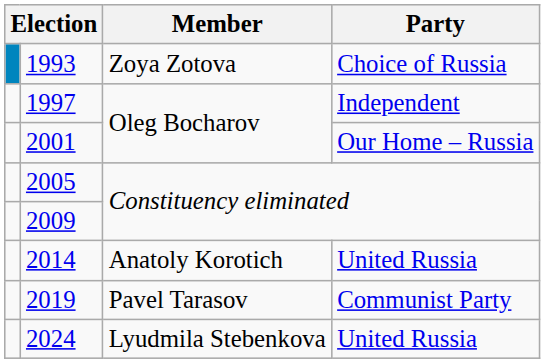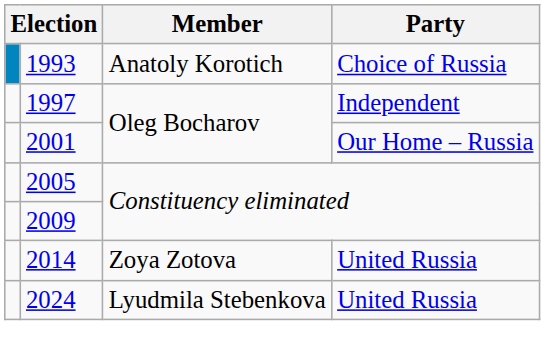 <table class="wikitable">
 <tr>
 <th colspan="2">Election</th>
 <th>Member</th>
 <th>Party</th>
 </tr>
 <tr>
 <td style="background-color:#0085BE"></td>
 <td><a href='#'>1993</a></td>
-<td>Zoya Zotova</td>
+<td>Anatoly Korotich</td>
 <td><a href='#'>Choice of Russia</a></td>
 </tr>
 <tr>
 <td style="background-color:"></td>
 <td><a href='#'>1997</a></td>
 <td rowspan=2>Oleg Bocharov</td>
 <td><a href='#'>Independent</a></td>
 </tr>
 <tr>
 <td style="background-color:"></td>
 <td><a href='#'>2001</a></td>
 <td><a href='#'>Our Home – Russia</a></td>
 </tr>
 <tr>
 <td style="background-color:"></td>
 <td><a href='#'>2005</a></td>
 <td colspan=2 rowspan=2><em>Constituency eliminated</em></td>
 </tr>
 <tr>
 <td style="background-color:"></td>
 <td><a href='#'>2009</a></td>
 </tr>
 <tr>
 <td style="background-color:"></td>
 <td><a href='#'>2014</a></td>
-<td>Anatoly Korotich</td>
+<td>Zoya Zotova</td>
 <td><a href='#'>United Russia</a></td>
-</tr>
-<tr>
-<td style="background-color:"></td>
-<td><a href='#'>2019</a></td>
-<td>Pavel Tarasov</td>
-<td><a href='#'>Communist Party</a></td>
 </tr>
 <tr>
 <td style="background-color:"></td>
 <td><a href='#'>2024</a></td>
 <td>Lyudmila Stebenkova</td>
 <td><a href='#'>United Russia</a></td>
 </tr>
 </table>
